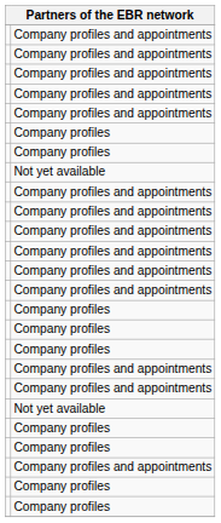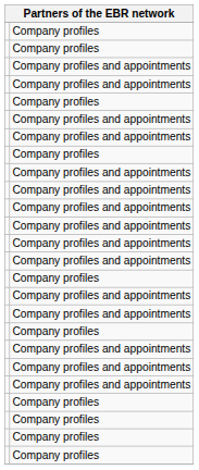 <table class="wikitable sortable static-row-numbers static-row-header-text">
 <tr>
 <th colspan=2>Partners of the EBR network</th>
 </tr>
 <tr>
 </tr>
 <tr --->
 <td></td>
-<td>Company profiles and appointments</td>
+<td>Company profiles</td>
 </tr>
 <tr --->
 <td></td>
-<td>Company profiles and appointments</td>
-</tr>
-<tr --->
-<td></td>
-<td>Company profiles and appointments</td>
+<td>Company profiles</td>
 </tr>
 <tr --->
 <td></td>
 <td>Company profiles and appointments</td>
 </tr>
 <tr --->
 <td></td>
 <td>Company profiles and appointments</td>
 </tr>
 <tr --->
 <td></td>
 <td>Company profiles</td>
 </tr>
 <tr --->
 <td></td>
-<td>Company profiles</td>
+<td>Company profiles and appointments</td>
 </tr>
 <tr --->
 <td></td>
-<td>Not yet available</td>
+<td>Company profiles and appointments</td>
+</tr>
+<tr --->
+<td></td>
+<td>Company profiles</td>
 </tr>
 <tr --->
 <td></td>
 <td>Company profiles and appointments</td>
 </tr>
 <tr --->
 <td></td>
 <td>Company profiles and appointments</td>
 </tr>
 <tr --->
 <td></td>
 <td>Company profiles and appointments</td>
 </tr>
 <tr --->
 <td></td>
 <td>Company profiles and appointments</td>
 </tr>
 <tr --->
 <td></td>
 <td>Company profiles and appointments</td>
 </tr>
 <tr --->
 <td></td>
 <td>Company profiles and appointments</td>
 </tr>
 <tr --->
 <td></td>
 <td>Company profiles</td>
 </tr>
 <tr --->
 <td></td>
-<td>Company profiles</td>
+<td>Company profiles and appointments</td>
+</tr>
+<tr --->
+<td></td>
+<td>Company profiles and appointments</td>
 </tr>
 <tr --->
 <td></td>
 <td>Company profiles</td>
 </tr>
 <tr --->
 <td></td>
 <td>Company profiles and appointments</td>
 </tr>
 <tr --->
 <td></td>
 <td>Company profiles and appointments</td>
 </tr>
 <tr --->
 <td></td>
-<td>Not yet available</td>
+<td>Company profiles and appointments</td>
 </tr>
 <tr --->
 <td></td>
 <td>Company profiles</td>
 </tr>
 <tr --->
 <td></td>
 <td>Company profiles</td>
-</tr>
-<tr --->
-<td></td>
-<td>Company profiles and appointments</td>
 </tr>
 <tr --->
 <td></td>
 <td>Company profiles</td>
 </tr>
 <tr --->
 <td></td>
 <td>Company profiles</td>
 </tr>
 <tr --->
 </tr>
 </table>
